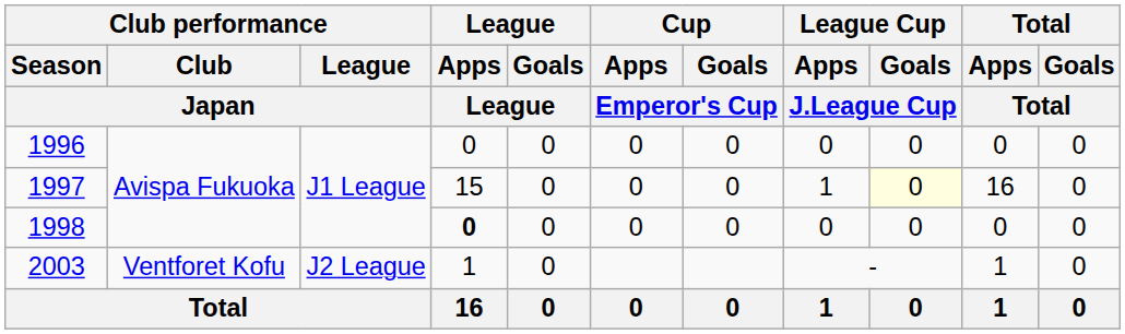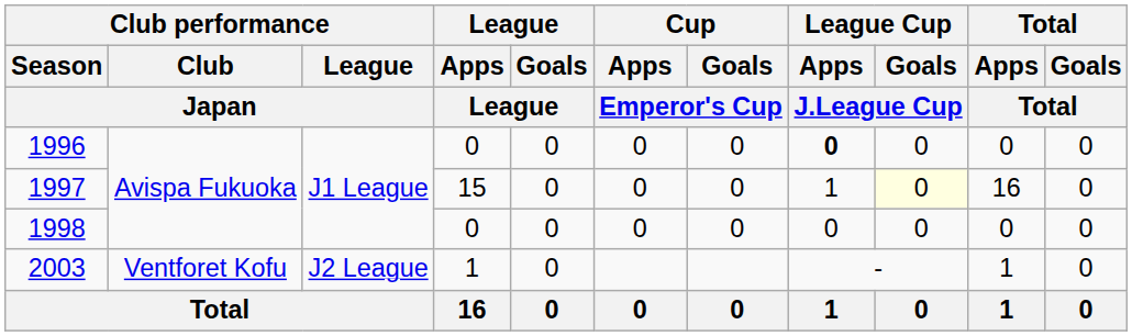 <table class="wikitable" style="text-align:center;">
 <tr>
 <th colspan=3>Club performance</th>
 <th colspan=2>League</th>
 <th colspan=2>Cup</th>
 <th colspan=2>League Cup</th>
 <th colspan=2>Total</th>
 </tr>
 <tr>
 <th>Season</th>
 <th>Club</th>
 <th>League</th>
 <th>Apps</th>
 <th>Goals</th>
 <th>Apps</th>
 <th>Goals</th>
 <th>Apps</th>
 <th>Goals</th>
 <th>Apps</th>
 <th>Goals</th>
 </tr>
 <tr>
 <th colspan=3>Japan</th>
 <th colspan=2>League</th>
 <th colspan=2><a href='#'>Emperor's Cup</a></th>
 <th colspan=2><a href='#'>J.League Cup</a></th>
 <th colspan=2>Total</th>
 </tr>
 <tr>
 <td><a href='#'>1996</a></td>
 <td rowspan="3"><a href='#'>Avispa Fukuoka</a></td>
 <td rowspan="3"><a href='#'>J1 League</a></td>
 <td>0</td>
 <td>0</td>
 <td>0</td>
 <td>0</td>
-<td>0</td>
+<td><strong>0</strong></td>
 <td>0</td>
 <td>0</td>
 <td>0</td>
 </tr>
 <tr>
 <td><a href='#'>1997</a></td>
 <td>15</td>
 <td>0</td>
 <td>0</td>
 <td>0</td>
 <td>1</td>
 <td style="background: lightyellow;">0</td>
 <td>16</td>
 <td>0</td>
 </tr>
 <tr>
 <td><a href='#'>1998</a></td>
-<td><strong>0</strong></td>
+<td>0</td>
 <td>0</td>
 <td>0</td>
 <td>0</td>
 <td>0</td>
 <td>0</td>
 <td>0</td>
 <td>0</td>
 </tr>
 <tr>
 <td><a href='#'>2003</a></td>
 <td><a href='#'>Ventforet Kofu</a></td>
 <td><a href='#'>J2 League</a></td>
 <td>1</td>
 <td>0</td>
 <td></td>
 <td></td>
 <td colspan="2">-</td>
 <td>1</td>
 <td>0</td>
 </tr>
 <tr>
 <th colspan=3>Total</th>
 <th>16</th>
 <th>0</th>
 <th>0</th>
 <th>0</th>
 <th>1</th>
 <th>0</th>
 <th>1</th>
 <th>0</th>
 </tr>
 </table>
